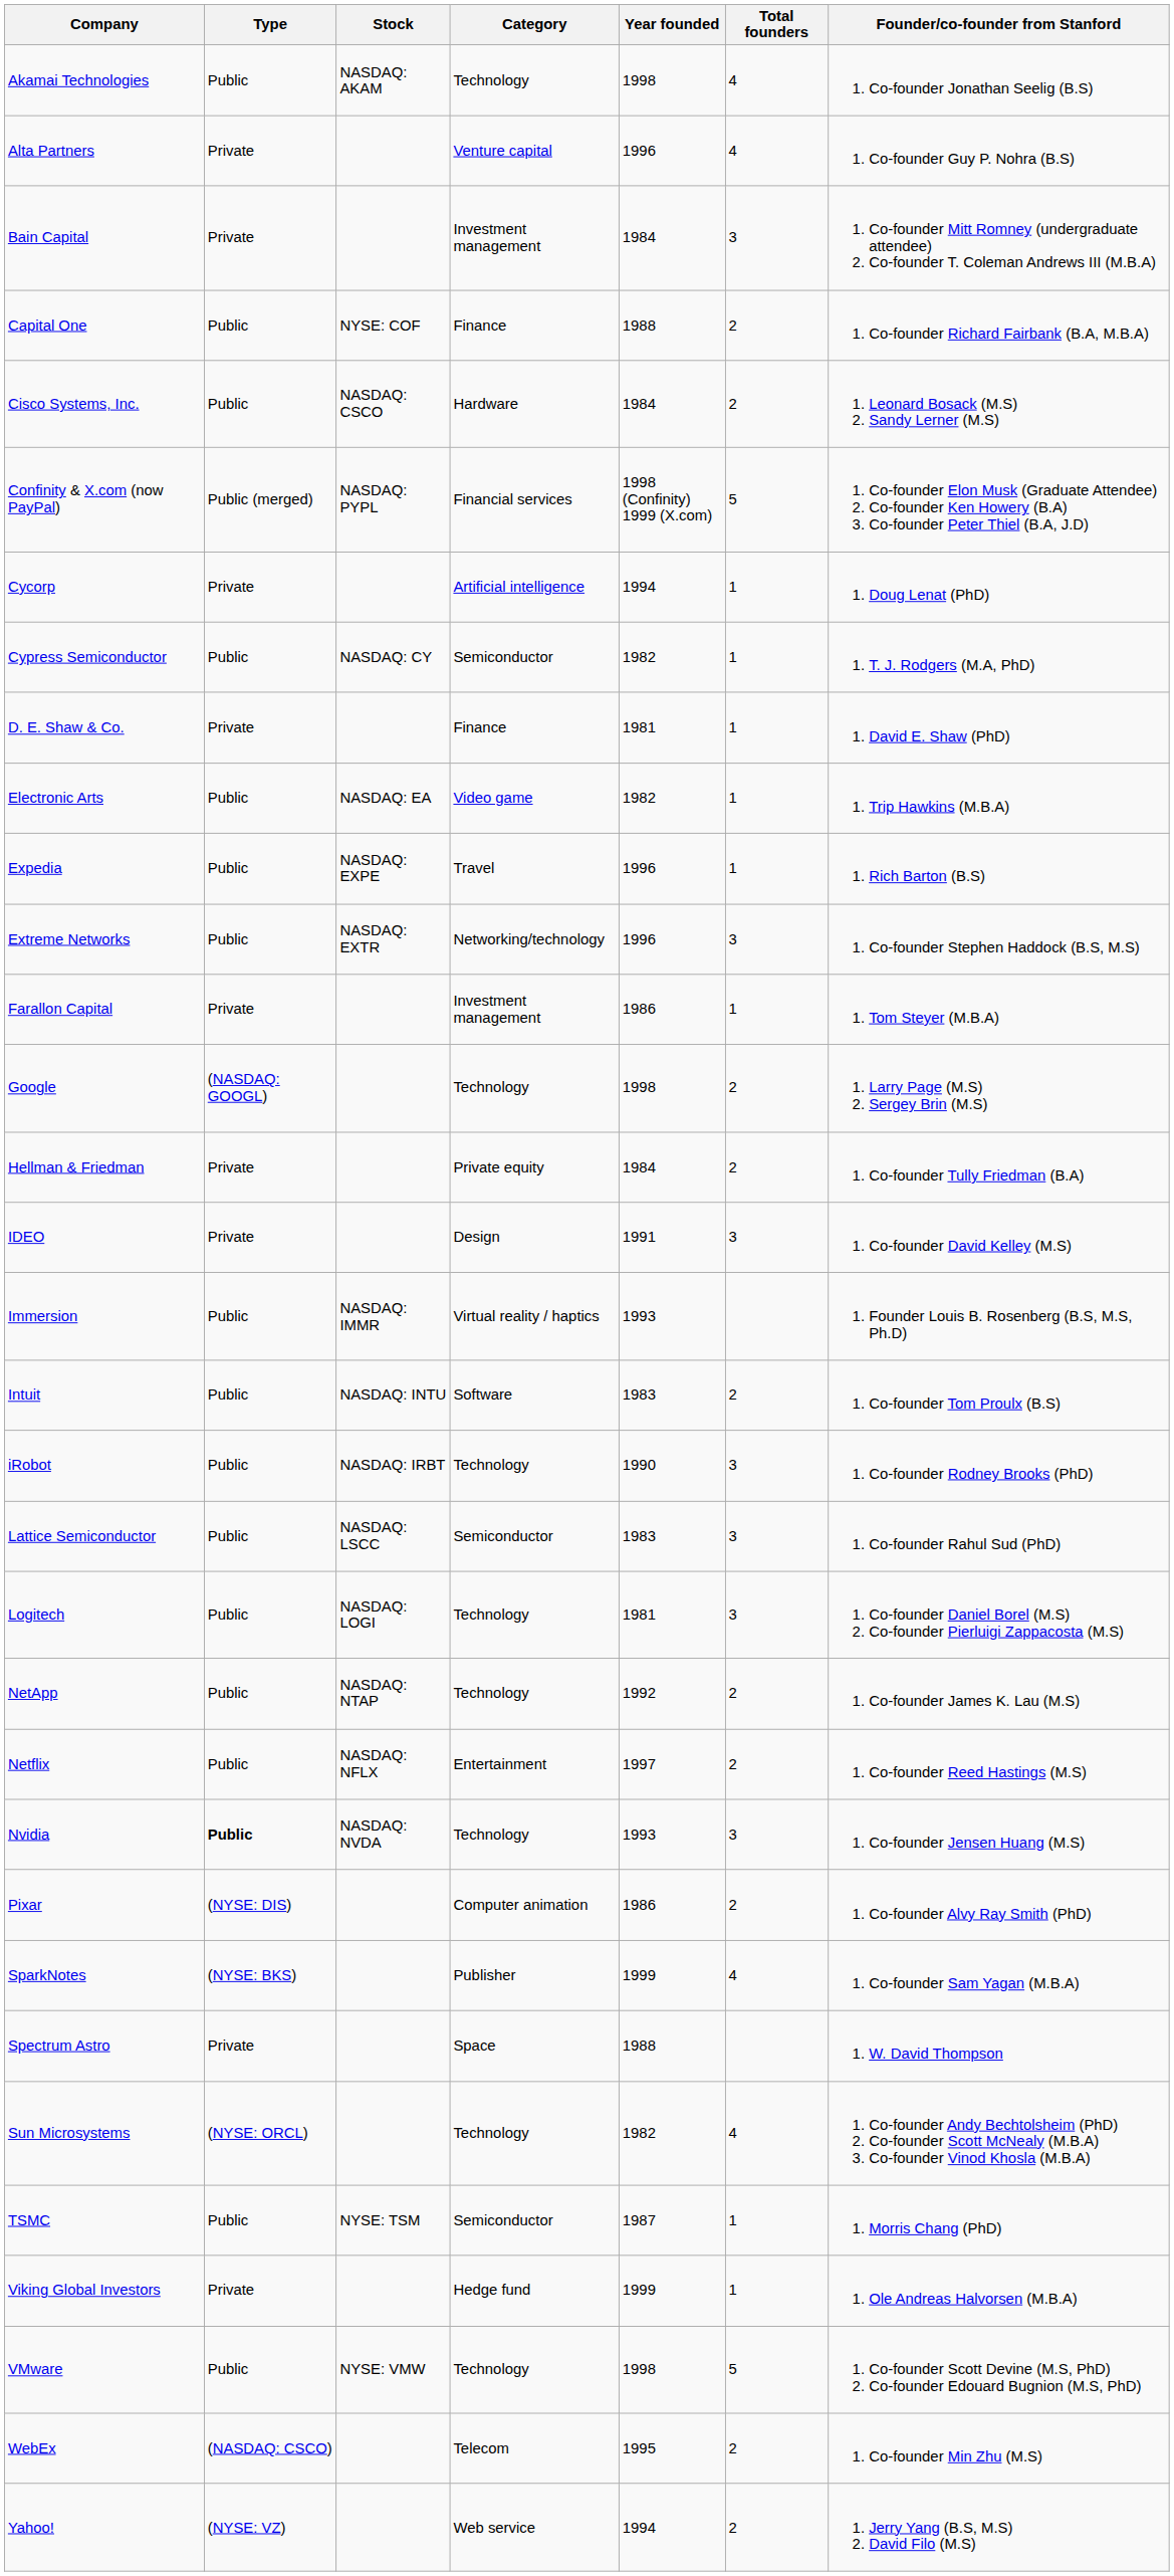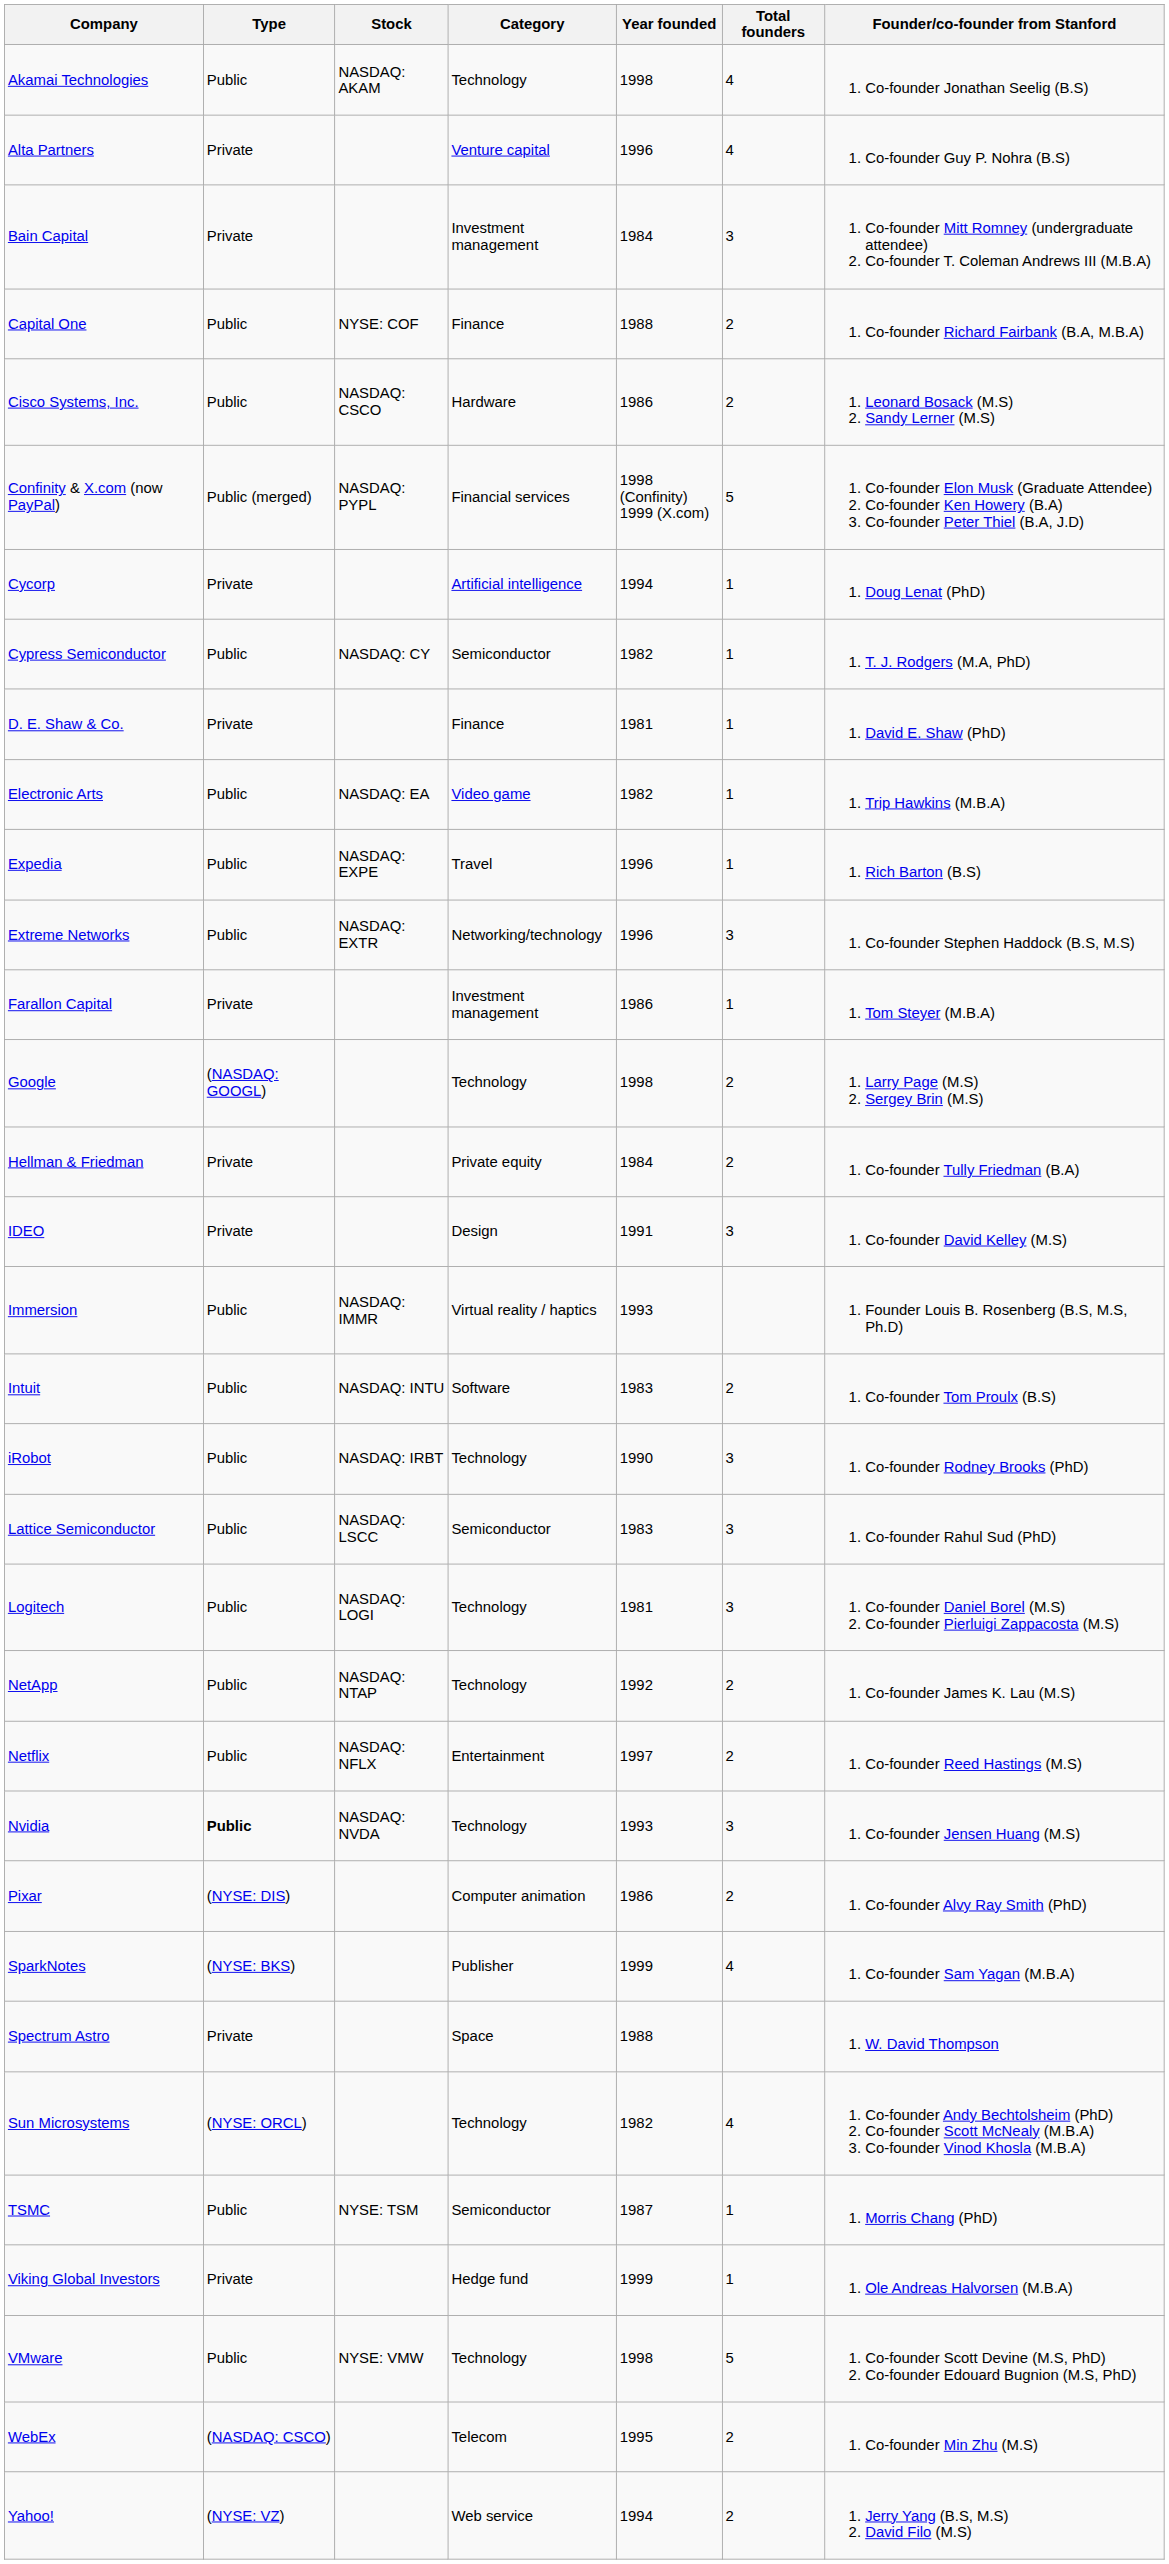 <table class="wikitable sortable">
 <tr>
 <th>Company</th>
 <th>Type</th>
 <th>Stock</th>
 <th>Category</th>
 <th>Year founded</th>
 <th>Total founders</th>
 <th>Founder/co-founder from Stanford</th>
 </tr>
 <tr>
 <td><a href='#'>Akamai Technologies</a></td>
 <td>Public</td>
 <td>NASDAQ: AKAM</td>
 <td>Technology</td>
 <td>1998</td>
 <td>4</td>
 <td><br><ol><li>Co-founder Jonathan Seelig (B.S)</li></ol></td>
 </tr>
 <tr>
 <td><a href='#'>Alta Partners</a></td>
 <td>Private</td>
 <td></td>
 <td><a href='#'>Venture capital</a></td>
 <td>1996</td>
 <td>4</td>
 <td><br><ol><li>Co-founder Guy P. Nohra (B.S)</li></ol></td>
 </tr>
 <tr>
 <td><a href='#'>Bain Capital</a></td>
 <td>Private</td>
 <td></td>
 <td>Investment management</td>
 <td>1984</td>
 <td>3</td>
 <td><br><ol><li>Co-founder <a href='#'>Mitt Romney</a> (undergraduate attendee)</li><li>Co-founder T. Coleman Andrews III (M.B.A)</li></ol></td>
 </tr>
 <tr>
 <td><a href='#'>Capital One</a></td>
 <td>Public</td>
 <td>NYSE: COF</td>
 <td>Finance</td>
 <td>1988</td>
 <td>2</td>
 <td><br><ol><li>Co-founder <a href='#'>Richard Fairbank</a> (B.A, M.B.A)</li></ol></td>
 </tr>
 <tr>
 <td><a href='#'>Cisco Systems, Inc.</a></td>
 <td>Public</td>
 <td>NASDAQ: CSCO</td>
 <td>Hardware</td>
-<td>1984</td>
+<td>1986</td>
 <td>2</td>
 <td><br><ol><li><a href='#'>Leonard Bosack</a> (M.S)</li><li><a href='#'>Sandy Lerner</a> (M.S)</li></ol></td>
 </tr>
 <tr>
 <td><a href='#'>Confinity</a> & <a href='#'>X.com</a> (now <a href='#'>PayPal</a>)</td>
 <td>Public (merged)</td>
 <td>NASDAQ: PYPL</td>
 <td>Financial services</td>
 <td>1998 (Confinity)<br>1999 (X.com)</td>
 <td>5</td>
 <td><br><ol><li>Co-founder <a href='#'>Elon Musk</a> (Graduate Attendee)</li><li>Co-founder <a href='#'>Ken Howery</a> (B.A)</li><li>Co-founder <a href='#'>Peter Thiel</a> (B.A, J.D)</li></ol></td>
 </tr>
 <tr>
 <td><a href='#'>Cycorp</a></td>
 <td>Private</td>
 <td></td>
 <td><a href='#'>Artificial intelligence</a></td>
 <td>1994</td>
 <td>1</td>
 <td><br><ol><li><a href='#'>Doug Lenat</a> (PhD)</li></ol></td>
 </tr>
 <tr>
 <td><a href='#'>Cypress Semiconductor</a></td>
 <td>Public</td>
 <td>NASDAQ: CY</td>
 <td>Semiconductor</td>
 <td>1982</td>
 <td>1</td>
 <td><br><ol><li><a href='#'>T. J. Rodgers</a> (M.A, PhD)</li></ol></td>
 </tr>
 <tr>
 <td><a href='#'>D. E. Shaw & Co.</a></td>
 <td>Private</td>
 <td></td>
 <td>Finance</td>
 <td>1981</td>
 <td>1</td>
 <td><br><ol><li><a href='#'>David E. Shaw</a> (PhD)</li></ol></td>
 </tr>
 <tr>
 <td><a href='#'>Electronic Arts</a></td>
 <td>Public</td>
 <td>NASDAQ: EA</td>
 <td><a href='#'>Video game</a></td>
 <td>1982</td>
 <td>1</td>
 <td><br><ol><li><a href='#'>Trip Hawkins</a> (M.B.A)</li></ol></td>
 </tr>
 <tr>
 <td><a href='#'>Expedia</a></td>
 <td>Public</td>
 <td>NASDAQ: EXPE</td>
 <td>Travel</td>
 <td>1996</td>
 <td>1</td>
 <td><br><ol><li><a href='#'>Rich Barton</a> (B.S)</li></ol></td>
 </tr>
 <tr>
 <td><a href='#'>Extreme Networks</a></td>
 <td>Public</td>
 <td>NASDAQ: EXTR</td>
 <td>Networking/technology</td>
 <td>1996</td>
 <td>3</td>
 <td><br><ol><li>Co-founder Stephen Haddock (B.S, M.S)</li></ol></td>
 </tr>
 <tr>
 <td><a href='#'>Farallon Capital</a></td>
 <td>Private</td>
 <td></td>
 <td>Investment management</td>
 <td>1986</td>
 <td>1</td>
 <td><br><ol><li><a href='#'>Tom Steyer</a> (M.B.A)</li></ol></td>
 </tr>
 <tr>
 <td><a href='#'>Google</a></td>
 <td>(<a href='#'>NASDAQ: GOOGL</a>)</td>
 <td></td>
 <td>Technology</td>
 <td>1998</td>
 <td>2</td>
 <td><br><ol><li><a href='#'>Larry Page</a> (M.S)</li><li><a href='#'>Sergey Brin</a> (M.S)</li></ol></td>
 </tr>
 <tr>
 <td><a href='#'>Hellman & Friedman</a></td>
 <td>Private</td>
 <td></td>
 <td>Private equity</td>
 <td>1984</td>
 <td>2</td>
 <td><br><ol><li>Co-founder <a href='#'>Tully Friedman</a> (B.A)</li></ol></td>
 </tr>
 <tr>
 <td><a href='#'>IDEO</a></td>
 <td>Private</td>
 <td></td>
 <td>Design</td>
 <td>1991</td>
 <td>3</td>
 <td><br><ol><li>Co-founder <a href='#'>David Kelley</a> (M.S)</li></ol></td>
 </tr>
 <tr>
 <td><a href='#'>Immersion</a></td>
 <td>Public</td>
 <td>NASDAQ: IMMR</td>
 <td>Virtual reality / haptics</td>
 <td>1993</td>
 <td></td>
 <td><br><ol><li>Founder Louis B. Rosenberg (B.S, M.S, Ph.D)</li></ol></td>
 </tr>
 <tr>
 <td><a href='#'>Intuit</a></td>
 <td>Public</td>
 <td>NASDAQ: INTU</td>
 <td>Software</td>
 <td>1983</td>
 <td>2</td>
 <td><br><ol><li>Co-founder <a href='#'>Tom Proulx</a> (B.S)</li></ol></td>
 </tr>
 <tr>
 <td><a href='#'>iRobot</a></td>
 <td>Public</td>
 <td>NASDAQ: IRBT</td>
 <td>Technology</td>
 <td>1990</td>
 <td>3</td>
 <td><br><ol><li>Co-founder <a href='#'>Rodney Brooks</a> (PhD)</li></ol></td>
 </tr>
 <tr>
 <td><a href='#'>Lattice Semiconductor</a></td>
 <td>Public</td>
 <td>NASDAQ: LSCC</td>
 <td>Semiconductor</td>
 <td>1983</td>
 <td>3</td>
 <td><br><ol><li>Co-founder Rahul Sud (PhD)</li></ol></td>
 </tr>
 <tr>
 <td><a href='#'>Logitech</a></td>
 <td>Public</td>
 <td>NASDAQ: LOGI</td>
 <td>Technology</td>
 <td>1981</td>
 <td>3</td>
 <td><br><ol><li>Co-founder <a href='#'>Daniel Borel</a> (M.S)</li><li>Co-founder <a href='#'>Pierluigi Zappacosta</a> (M.S)</li></ol></td>
 </tr>
 <tr>
 <td><a href='#'>NetApp</a></td>
 <td>Public</td>
 <td>NASDAQ: NTAP</td>
 <td>Technology</td>
 <td>1992</td>
 <td>2</td>
 <td><br><ol><li>Co-founder James K. Lau (M.S)</li></ol></td>
 </tr>
 <tr>
 <td><a href='#'>Netflix</a></td>
 <td>Public</td>
 <td>NASDAQ: NFLX</td>
 <td>Entertainment</td>
 <td>1997</td>
 <td>2</td>
 <td><br><ol><li>Co-founder <a href='#'>Reed Hastings</a> (M.S)</li></ol></td>
 </tr>
 <tr>
 <td><a href='#'>Nvidia</a></td>
 <td><strong>Public</strong></td>
 <td>NASDAQ: NVDA</td>
 <td>Technology</td>
 <td>1993</td>
 <td>3</td>
 <td><br><ol><li>Co-founder <a href='#'>Jensen Huang</a> (M.S)</li></ol></td>
 </tr>
 <tr>
 <td><a href='#'>Pixar</a></td>
 <td>(<a href='#'>NYSE: DIS</a>)</td>
 <td></td>
 <td>Computer animation</td>
 <td>1986</td>
 <td>2</td>
 <td><br><ol><li>Co-founder <a href='#'>Alvy Ray Smith</a> (PhD)</li></ol></td>
 </tr>
 <tr>
 <td><a href='#'>SparkNotes</a></td>
 <td>(<a href='#'>NYSE: BKS</a>)</td>
 <td></td>
 <td>Publisher</td>
 <td>1999</td>
 <td>4</td>
 <td><br><ol><li>Co-founder <a href='#'>Sam Yagan</a> (M.B.A)</li></ol></td>
 </tr>
 <tr>
 <td><a href='#'>Spectrum Astro</a></td>
 <td>Private</td>
 <td></td>
 <td>Space</td>
 <td>1988</td>
 <td></td>
 <td><br><ol><li><a href='#'>W. David Thompson</a></li></ol></td>
 </tr>
 <tr>
 <td><a href='#'>Sun Microsystems</a></td>
 <td>(<a href='#'>NYSE: ORCL</a>)</td>
 <td></td>
 <td>Technology</td>
 <td>1982</td>
 <td>4</td>
 <td><br><ol><li>Co-founder <a href='#'>Andy Bechtolsheim</a> (PhD)</li><li>Co-founder <a href='#'>Scott McNealy</a> (M.B.A)</li><li>Co-founder <a href='#'>Vinod Khosla</a> (M.B.A)</li></ol></td>
 </tr>
 <tr>
 <td><a href='#'>TSMC</a></td>
 <td>Public</td>
 <td>NYSE: TSM</td>
 <td>Semiconductor</td>
 <td>1987</td>
 <td>1</td>
 <td><br><ol><li><a href='#'>Morris Chang</a> (PhD)</li></ol></td>
 </tr>
 <tr>
 <td><a href='#'>Viking Global Investors</a></td>
 <td>Private</td>
 <td></td>
 <td>Hedge fund</td>
 <td>1999</td>
 <td>1</td>
 <td><br><ol><li><a href='#'>Ole Andreas Halvorsen</a> (M.B.A)</li></ol></td>
 </tr>
 <tr>
 <td><a href='#'>VMware</a></td>
 <td>Public</td>
 <td>NYSE: VMW</td>
 <td>Technology</td>
 <td>1998</td>
 <td>5</td>
 <td><br><ol><li>Co-founder Scott Devine (M.S, PhD)</li><li>Co-founder Edouard Bugnion (M.S, PhD)</li></ol></td>
 </tr>
 <tr>
 <td><a href='#'>WebEx</a></td>
 <td>(<a href='#'>NASDAQ: CSCO</a>)</td>
 <td></td>
 <td>Telecom</td>
 <td>1995</td>
 <td>2</td>
 <td><br><ol><li>Co-founder <a href='#'>Min Zhu</a> (M.S)</li></ol></td>
 </tr>
 <tr>
 <td><a href='#'>Yahoo!</a></td>
 <td>(<a href='#'>NYSE: VZ</a>)</td>
 <td></td>
 <td>Web service</td>
 <td>1994</td>
 <td>2</td>
 <td><br><ol><li><a href='#'>Jerry Yang</a> (B.S, M.S)</li><li><a href='#'>David Filo</a> (M.S)</li></ol></td>
 </tr>
 </table>
